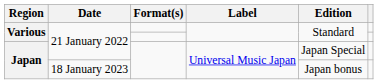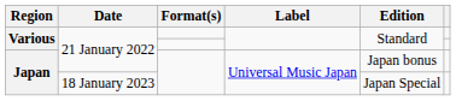 <table class="wikitable plainrowheaders" style="text-align:center;">
 <tr>
 <th scope="col">Region</th>
 <th scope="col">Date</th>
 <th scope="col">Format(s)</th>
 <th scope="col">Label</th>
 <th scope="col">Edition</th>
 <th scope="col"></th>
 </tr>
 <tr>
 <th scope="row" rowspan="2">Various</th>
 <td rowspan="3">21 January 2022</td>
 <td></td>
 <td rowspan="2"></td>
 <td rowspan="2">Standard</td>
 <td></td>
 </tr>
 <tr>
 <td></td>
 <td></td>
 </tr>
 <tr>
 <th scope="row" rowspan="2">Japan</th>
 <td rowspan="2"></td>
 <td rowspan="2"><a href='#'>Universal Music Japan</a></td>
-<td>Japan Special</td>
+<td>Japan bonus</td>
 <td></td>
 </tr>
 <tr>
 <td>18 January 2023</td>
-<td>Japan bonus</td>
+<td>Japan Special</td>
 <td></td>
 </tr>
 </table>
